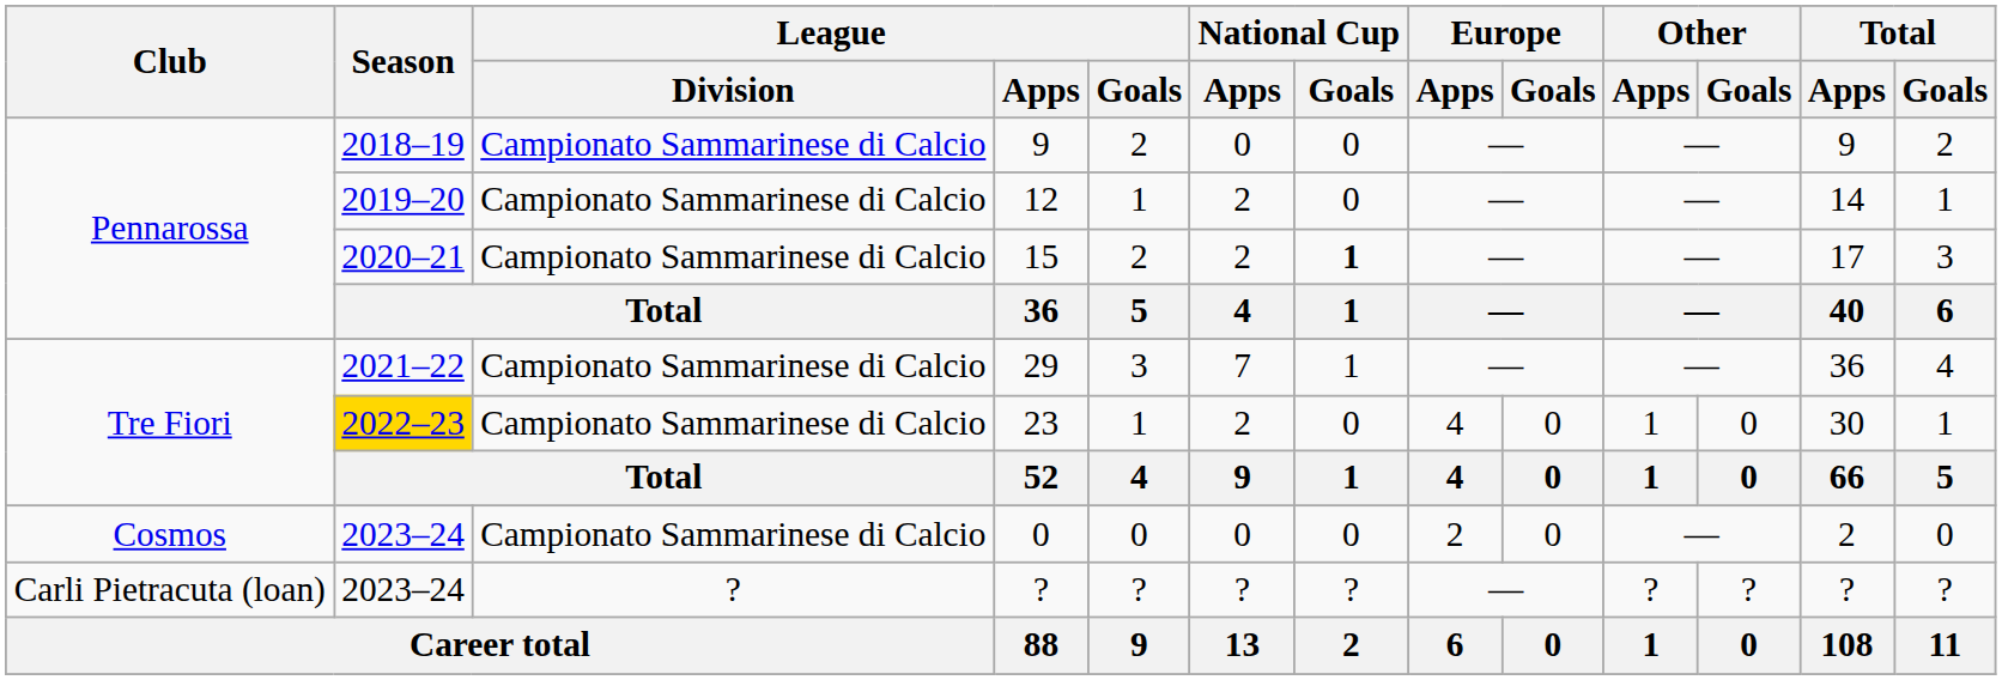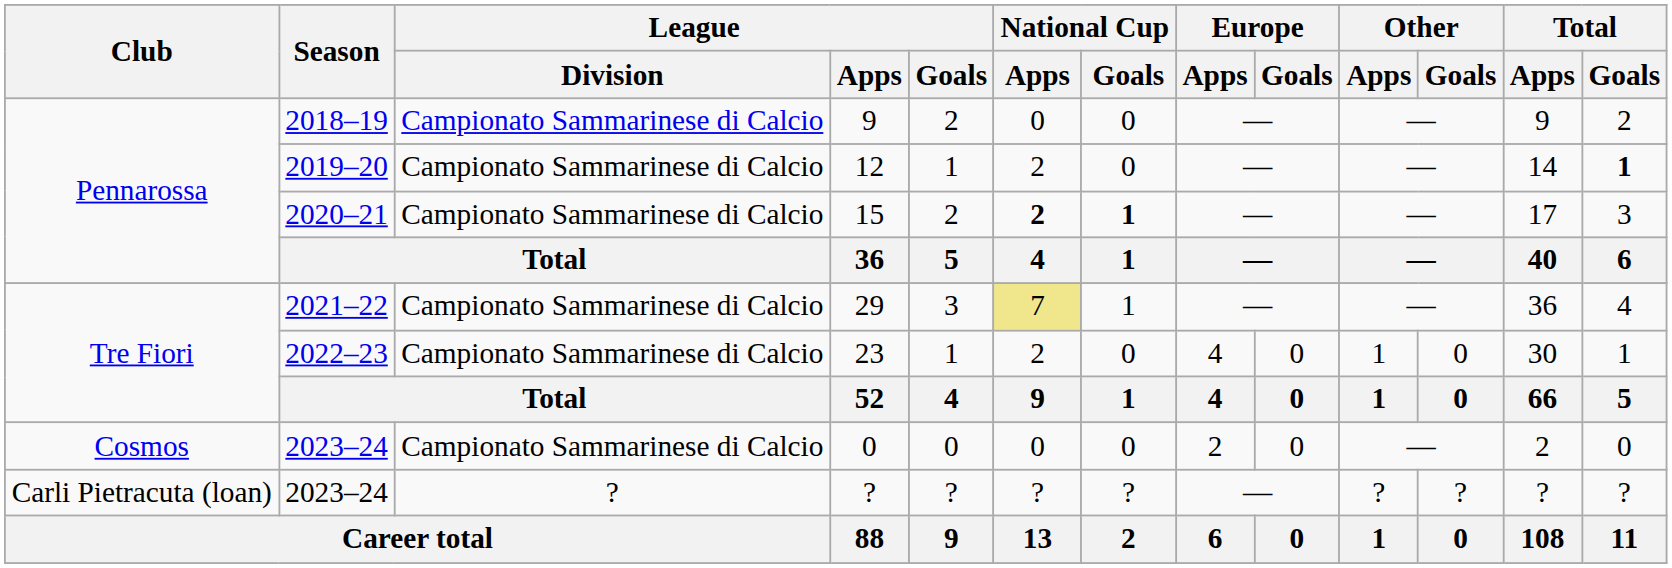 <table class="wikitable" style="text-align:center">
 <tr>
 <th rowspan="2">Club</th>
 <th rowspan="2">Season</th>
 <th colspan="3">League</th>
 <th colspan="2">National Cup</th>
 <th colspan="2">Europe</th>
 <th colspan="2">Other</th>
 <th colspan="2">Total</th>
 </tr>
 <tr>
 <th>Division</th>
 <th>Apps</th>
 <th>Goals</th>
 <th>Apps</th>
 <th>Goals</th>
 <th>Apps</th>
 <th>Goals</th>
 <th>Apps</th>
 <th>Goals</th>
 <th>Apps</th>
 <th>Goals</th>
 </tr>
 <tr>
 <td rowspan="4"><a href='#'>Pennarossa</a></td>
 <td><a href='#'>2018–19</a></td>
 <td><a href='#'>Campionato Sammarinese di Calcio</a></td>
 <td>9</td>
 <td>2</td>
 <td>0</td>
 <td>0</td>
 <td colspan="2">—</td>
 <td colspan="2">—</td>
 <td>9</td>
 <td>2</td>
 </tr>
 <tr>
 <td><a href='#'>2019–20</a></td>
 <td>Campionato Sammarinese di Calcio</td>
 <td>12</td>
 <td>1</td>
 <td>2</td>
 <td>0</td>
 <td colspan="2">—</td>
 <td colspan="2">—</td>
 <td>14</td>
-<td>1</td>
+<td><strong>1</strong></td>
 </tr>
 <tr>
 <td><a href='#'>2020–21</a></td>
 <td>Campionato Sammarinese di Calcio</td>
 <td>15</td>
 <td>2</td>
-<td>2</td>
+<td><strong>2</strong></td>
 <td><strong>1</strong></td>
 <td colspan="2">—</td>
 <td colspan="2">—</td>
 <td>17</td>
 <td>3</td>
 </tr>
 <tr>
 <th colspan="2">Total</th>
 <th>36</th>
 <th>5</th>
 <th>4</th>
 <th>1</th>
 <th colspan="2">—</th>
 <th colspan="2">—</th>
 <th>40</th>
 <th>6</th>
 </tr>
 <tr>
 <td rowspan="3"><a href='#'>Tre Fiori</a></td>
 <td><a href='#'>2021–22</a></td>
 <td>Campionato Sammarinese di Calcio</td>
 <td>29</td>
 <td>3</td>
-<td>7</td>
+<td style="background: khaki;">7</td>
 <td>1</td>
 <td colspan="2">—</td>
 <td colspan="2">—</td>
 <td>36</td>
 <td>4</td>
 </tr>
 <tr>
-<td style="background: gold;"><a href='#'>2022–23</a></td>
+<td><a href='#'>2022–23</a></td>
 <td>Campionato Sammarinese di Calcio</td>
 <td>23</td>
 <td>1</td>
 <td>2</td>
 <td>0</td>
 <td>4</td>
 <td>0</td>
 <td>1</td>
 <td>0</td>
 <td>30</td>
 <td>1</td>
 </tr>
 <tr>
 <th colspan="2">Total</th>
 <th>52</th>
 <th>4</th>
 <th>9</th>
 <th>1</th>
 <th>4</th>
 <th>0</th>
 <th>1</th>
 <th>0</th>
 <th>66</th>
 <th>5</th>
 </tr>
 <tr>
 <td><a href='#'>Cosmos</a></td>
 <td><a href='#'>2023–24</a></td>
 <td>Campionato Sammarinese di Calcio</td>
 <td>0</td>
 <td>0</td>
 <td>0</td>
 <td>0</td>
 <td>2</td>
 <td>0</td>
 <td colspan="2">—</td>
 <td>2</td>
 <td>0</td>
 </tr>
 <tr>
 <td>Carli Pietracuta (loan)</td>
 <td>2023–24</td>
 <td>?</td>
 <td>?</td>
 <td>?</td>
 <td>?</td>
 <td>?</td>
 <td colspan="2">—</td>
 <td>?</td>
 <td>?</td>
 <td>?</td>
 <td>?</td>
 </tr>
 <tr>
 <th colspan="3">Career total</th>
 <th>88</th>
 <th>9</th>
 <th>13</th>
 <th>2</th>
 <th>6</th>
 <th>0</th>
 <th>1</th>
 <th>0</th>
 <th>108</th>
 <th>11</th>
 </tr>
 </table>
